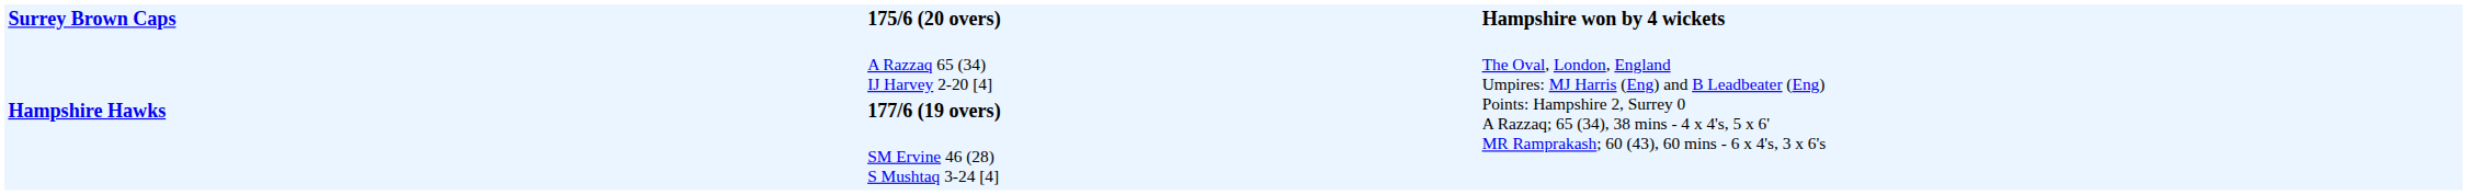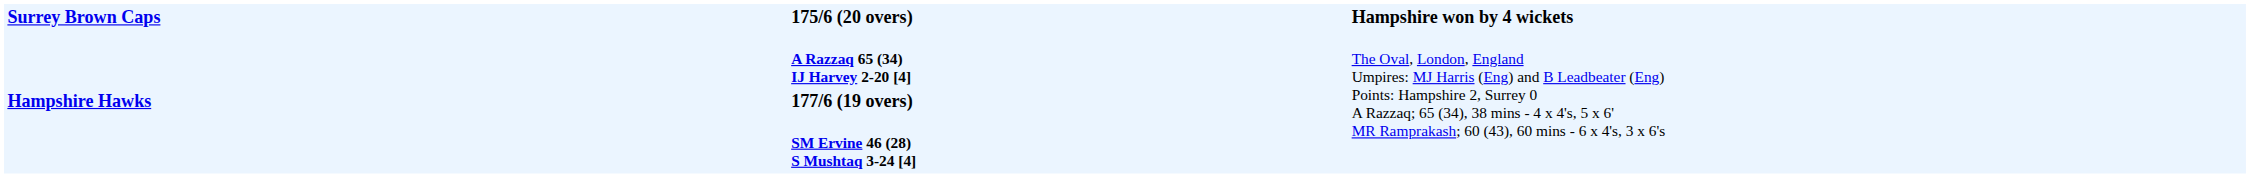 <table style="width:100%; background:#ebf5ff;">
 <tr>
 <td style="width:35%; vertical-align:top;" rowspan="2"><strong><a href='#'>Surrey Brown Caps</a></strong></td>
 <td style="width:25%;"><strong>175/6 (20 overs)</strong></td>
 <td style="width:40%;"><strong>Hampshire won by 4 wickets</strong></td>
 </tr>
 <tr>
-<td style="font-size: 85%;"><br><a href='#'>A Razzaq</a> 65 (34)<br> <a href='#'>IJ Harvey</a> 2-20 [4]</td>
+<td style="font-size: 85%;"><strong><br><a href='#'>A Razzaq</a> 65 (34)<br> <a href='#'>IJ Harvey</a> 2-20 [4]</strong></td>
 <td style="vertical-align:top; font-size:85%;" rowspan="3"><br><a href='#'>The Oval</a>, <a href='#'>London</a>, <a href='#'>England</a><br> Umpires: <a href='#'>MJ Harris</a> (<a href='#'>Eng</a>) and <a href='#'>B Leadbeater</a> (<a href='#'>Eng</a>)<br> Points: Hampshire 2, Surrey 0<br>A Razzaq; 65 (34), 38 mins - 4 x 4's, 5 x 6'<br> <a href='#'>MR Ramprakash</a>; 60 (43), 60 mins - 6 x 4's, 3 x 6's</td>
 </tr>
 <tr>
 <td style="vertical-align:top;" rowspan="2"><strong><a href='#'>Hampshire Hawks</a></strong></td>
 <td><strong>177/6 (19 overs)</strong></td>
 </tr>
 <tr>
-<td style="font-size: 85%;"><br><a href='#'>SM Ervine</a> 46 (28)<br> <a href='#'>S Mushtaq</a> 3-24 [4]</td>
+<td style="font-size: 85%;"><strong><br><a href='#'>SM Ervine</a> 46 (28)<br> <a href='#'>S Mushtaq</a> 3-24 [4]</strong></td>
 </tr>
 </table>
